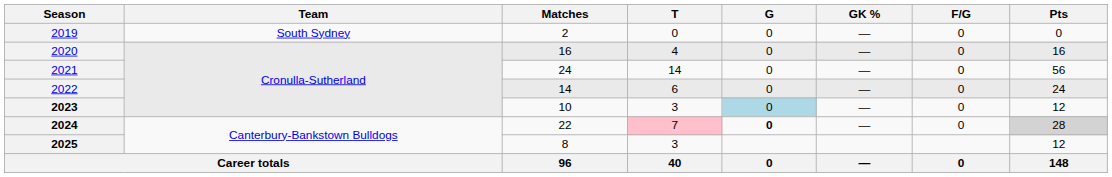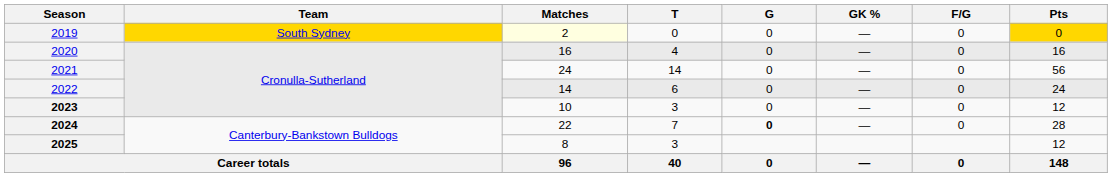 <table class="wikitable sortable"  style="font-size:90%; text-align:center; width:85%;">
 <tr>
 <th width=2%>Season</th>
 <th width=8%>Team</th>
 <th width=2%>Matches</th>
 <th width=2%>T</th>
 <th width=2%>G</th>
 <th width=2%>GK %</th>
 <th width=2%>F/G</th>
 <th width=2%>Pts</th>
 </tr>
 <tr>
 <th scope="row" style="text-align:center; font-weight:normal"><a href='#'>2019</a></th>
-<td style="text-align:center;"> <a href='#'>South Sydney</a></td>
-<td>2</td>
+<td style="background: gold; text-align:center;"> <a href='#'>South Sydney</a></td>
+<td style="background: lightyellow;">2</td>
 <td>0</td>
 <td>0</td>
 <td>—</td>
 <td>0</td>
-<td>0</td>
+<td style="background: gold;">0</td>
 </tr>
 <tr style="background:#eaeaea;">
 <th scope="row" style="text-align:center; font-weight:normal"><a href='#'>2020</a></th>
 <td rowspan="4" style="text-align:center;"> <a href='#'>Cronulla-Sutherland</a></td>
 <td>16</td>
 <td>4</td>
 <td>0</td>
 <td>—</td>
 <td>0</td>
 <td>16</td>
 </tr>
 <tr>
 <th scope="row" style="text-align:center; font-weight:normal"><a href='#'>2021</a></th>
 <td>24</td>
 <td>14</td>
 <td>0</td>
 <td>—</td>
 <td>0</td>
 <td>56</td>
 </tr>
 <tr style="background:#eaeaea;">
 <th scope="row" style="text-align:center; font-weight:normal"><a href='#'>2022</a></th>
 <td>14</td>
 <td>6</td>
 <td>0</td>
 <td>—</td>
 <td>0</td>
 <td>24</td>
 </tr>
 <tr>
 <th>2023</th>
 <td>10</td>
 <td>3</td>
-<td style="background: lightblue;">0</td>
+<td>0</td>
 <td>—</td>
 <td>0</td>
 <td>12</td>
 </tr>
 <tr>
 <th>2024</th>
 <td rowspan="2"> <a href='#'>Canterbury-Bankstown Bulldogs</a></td>
 <td>22</td>
-<td style="background: pink;">7</td>
+<td>7</td>
 <td><strong>0</strong></td>
 <td>—</td>
 <td>0</td>
-<td style="background: lightgrey;">28</td>
+<td>28</td>
 </tr>
 <tr>
 <th>2025</th>
 <td>8</td>
 <td>3</td>
 <td></td>
 <td></td>
 <td></td>
 <td>12</td>
 </tr>
 <tr class="sortbottom">
 <th colspan="2">Career totals</th>
 <th>96</th>
 <th>40</th>
 <th>0</th>
 <th>—</th>
 <th>0</th>
 <th>148</th>
 </tr>
 </table>
